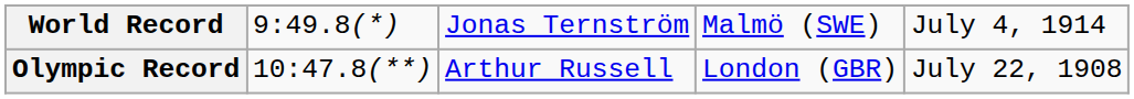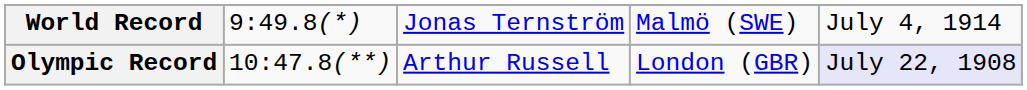 <table class="wikitable" style="font-size:95%;">
 <tr>
 <th>World Record</th>
 <td>9:49.8<em>(*)</em></td>
 <td> <a href='#'>Jonas Ternström</a></td>
 <td><a href='#'>Malmö</a> (<a href='#'>SWE</a>)</td>
 <td>July 4, 1914</td>
 </tr>
 <tr>
 <th>Olympic Record</th>
 <td>10:47.8<em>(**)</em></td>
 <td> <a href='#'>Arthur Russell</a></td>
 <td><a href='#'>London</a> (<a href='#'>GBR</a>)</td>
-<td>July 22, 1908</td>
+<td style="background: lavender;">July 22, 1908</td>
 </tr>
 </table>
